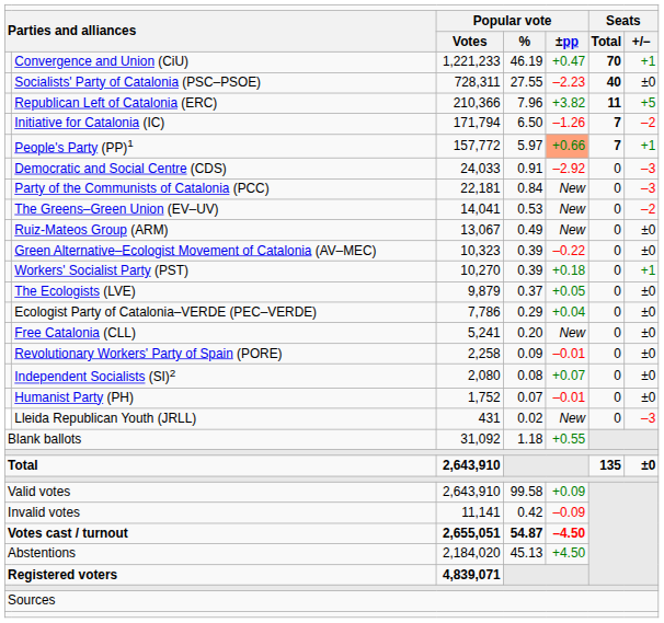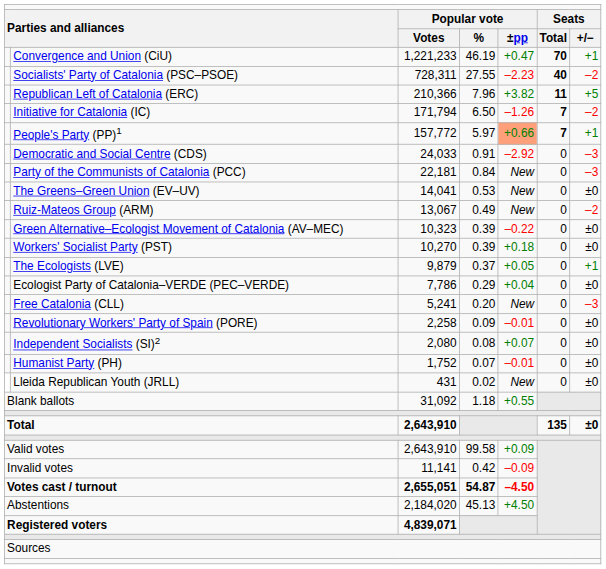 <table class="wikitable" style="text-align:right;">
 <tr>
 <td colspan="7"></td>
 </tr>
 <tr>
 <th style="text-align:left;" rowspan="2" colspan="2" width="525">Parties and alliances</th>
 <th colspan="3">Popular vote</th>
 <th colspan="2">Seats</th>
 </tr>
 <tr>
 <th width="75">Votes</th>
 <th width="45">%</th>
 <th width="45">±<a href='#'>pp</a></th>
 <th width="35">Total</th>
 <th width="35">+/−</th>
 </tr>
 <tr>
 <td width="1" style="color:inherit;background:"></td>
 <td align="left"><a href='#'>Convergence and Union</a> (CiU)</td>
 <td>1,221,233</td>
 <td>46.19</td>
 <td style="color:green;">+0.47</td>
 <td><strong>70</strong></td>
 <td style="color:green;">+1</td>
 </tr>
 <tr>
 <td style="color:inherit;background:"></td>
 <td align="left"><a href='#'>Socialists' Party of Catalonia</a> (PSC–PSOE)</td>
 <td>728,311</td>
 <td>27.55</td>
 <td style="color:red;">–2.23</td>
 <td><strong>40</strong></td>
-<td>±0</td>
+<td style="color:red;">–2</td>
 </tr>
 <tr>
 <td style="color:inherit;background:"></td>
 <td align="left"><a href='#'>Republican Left of Catalonia</a> (ERC)</td>
 <td>210,366</td>
 <td>7.96</td>
 <td style="color:green;">+3.82</td>
 <td><strong>11</strong></td>
 <td style="color:green;">+5</td>
 </tr>
 <tr>
 <td style="color:inherit;background:"></td>
 <td align="left"><a href='#'>Initiative for Catalonia</a> (IC)</td>
 <td>171,794</td>
 <td>6.50</td>
 <td style="color:red;">–1.26</td>
 <td><strong>7</strong></td>
 <td style="color:red;">–2</td>
 </tr>
 <tr>
 <td style="color:inherit;background:"></td>
 <td align="left"><a href='#'>People's Party</a> (PP)<sup>1</sup></td>
 <td>157,772</td>
 <td>5.97</td>
 <td style="background: lightsalmon; color:green;">+0.66</td>
 <td><strong>7</strong></td>
 <td style="color:green;">+1</td>
 </tr>
 <tr>
 <td style="color:inherit;background:"></td>
 <td align="left"><a href='#'>Democratic and Social Centre</a> (CDS)</td>
 <td>24,033</td>
 <td>0.91</td>
 <td style="color:red;">–2.92</td>
 <td>0</td>
 <td style="color:red;">–3</td>
 </tr>
 <tr>
 <td style="color:inherit;background:"></td>
 <td align="left"><a href='#'>Party of the Communists of Catalonia</a> (PCC)</td>
 <td>22,181</td>
 <td>0.84</td>
 <td><em>New</em></td>
 <td>0</td>
 <td style="color:red;">–3</td>
 </tr>
 <tr>
 <td style="color:inherit;background:"></td>
 <td align="left"><a href='#'>The Greens–Green Union</a> (EV–UV)</td>
 <td>14,041</td>
 <td>0.53</td>
 <td><em>New</em></td>
 <td>0</td>
-<td style="color:red;">–2</td>
+<td>±0</td>
 </tr>
 <tr>
 <td style="color:inherit;background:"></td>
 <td align="left"><a href='#'>Ruiz-Mateos Group</a> (ARM)</td>
 <td>13,067</td>
 <td>0.49</td>
 <td><em>New</em></td>
 <td>0</td>
-<td>±0</td>
+<td style="color:red;">–2</td>
 </tr>
 <tr>
 <td style="color:inherit;background:"></td>
 <td align="left"><a href='#'>Green Alternative–Ecologist Movement of Catalonia</a> (AV–MEC)</td>
 <td>10,323</td>
 <td>0.39</td>
 <td style="color:red;">–0.22</td>
 <td>0</td>
 <td>±0</td>
 </tr>
 <tr>
 <td style="color:inherit;background:"></td>
 <td align="left"><a href='#'>Workers' Socialist Party</a> (PST)</td>
 <td>10,270</td>
 <td>0.39</td>
 <td style="color:green;">+0.18</td>
 <td>0</td>
-<td style="color:green;">+1</td>
+<td>±0</td>
 </tr>
 <tr>
 <td style="color:inherit;background:"></td>
 <td align="left"><a href='#'>The Ecologists</a> (LVE)</td>
 <td>9,879</td>
 <td>0.37</td>
 <td style="color:green;">+0.05</td>
 <td>0</td>
-<td>±0</td>
+<td style="color:green;">+1</td>
 </tr>
 <tr>
 <td style="color:inherit;background:"></td>
 <td align="left">Ecologist Party of Catalonia–VERDE (PEC–VERDE)</td>
 <td>7,786</td>
 <td>0.29</td>
 <td style="color:green;">+0.04</td>
 <td>0</td>
 <td>±0</td>
 </tr>
 <tr>
 <td style="color:inherit;background:"></td>
 <td align="left"><a href='#'>Free Catalonia</a> (CLL)</td>
 <td>5,241</td>
 <td>0.20</td>
 <td><em>New</em></td>
 <td>0</td>
-<td>±0</td>
+<td style="color:red;">–3</td>
 </tr>
 <tr>
 <td style="color:inherit;background:"></td>
 <td align="left"><a href='#'>Revolutionary Workers' Party of Spain</a> (PORE)</td>
 <td>2,258</td>
 <td>0.09</td>
 <td style="color:red;">–0.01</td>
 <td>0</td>
 <td>±0</td>
 </tr>
 <tr>
 <td style="color:inherit;background:"></td>
 <td align="left"><a href='#'>Independent Socialists</a> (SI)<sup>2</sup></td>
 <td>2,080</td>
 <td>0.08</td>
 <td style="color:green;">+0.07</td>
 <td>0</td>
 <td>±0</td>
 </tr>
 <tr>
 <td style="color:inherit;background:"></td>
 <td align="left"><a href='#'>Humanist Party</a> (PH)</td>
 <td>1,752</td>
 <td>0.07</td>
 <td style="color:red;">–0.01</td>
 <td>0</td>
 <td>±0</td>
 </tr>
 <tr>
 <td bgcolor="white"></td>
 <td align="left">Lleida Republican Youth (JRLL)</td>
 <td>431</td>
 <td>0.02</td>
 <td><em>New</em></td>
 <td>0</td>
-<td style="color:red;">–3</td>
+<td>±0</td>
 </tr>
 <tr>
 <td align="left" colspan="2">Blank ballots</td>
 <td>31,092</td>
 <td>1.18</td>
 <td style="color:green;">+0.55</td>
 <td bgcolor="#E9E9E9" colspan="2"></td>
 </tr>
 <tr>
 <td colspan="7" bgcolor="#E9E9E9"></td>
 </tr>
 <tr style="font-weight:bold;">
 <td align="left" colspan="2">Total</td>
 <td>2,643,910</td>
 <td bgcolor="#E9E9E9" colspan="2"></td>
 <td>135</td>
 <td>±0</td>
 </tr>
 <tr>
 <td colspan="7" bgcolor="#E9E9E9"></td>
 </tr>
 <tr>
 <td align="left" colspan="2">Valid votes</td>
 <td>2,643,910</td>
 <td>99.58</td>
 <td style="color:green;">+0.09</td>
 <td bgcolor="#E9E9E9" colspan="2" rowspan="5"></td>
 </tr>
 <tr>
 <td align="left" colspan="2">Invalid votes</td>
 <td>11,141</td>
 <td>0.42</td>
 <td style="color:red;">–0.09</td>
 </tr>
 <tr style="font-weight:bold;">
 <td align="left" colspan="2">Votes cast / turnout</td>
 <td>2,655,051</td>
 <td>54.87</td>
 <td style="color:red;">–4.50</td>
 </tr>
 <tr>
 <td align="left" colspan="2">Abstentions</td>
 <td>2,184,020</td>
 <td>45.13</td>
 <td style="color:green;">+4.50</td>
 </tr>
 <tr style="font-weight:bold;">
 <td align="left" colspan="2">Registered voters</td>
 <td>4,839,071</td>
 <td bgcolor="#E9E9E9" colspan="2"></td>
 </tr>
 <tr>
 <td colspan="7" bgcolor="#E9E9E9"></td>
 </tr>
 <tr>
 <td align="left" colspan="7">Sources</td>
 </tr>
 <tr>
 <td colspan="7" style="text-align:left; max-width:790px;"></td>
 </tr>
 </table>
